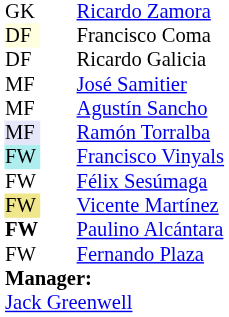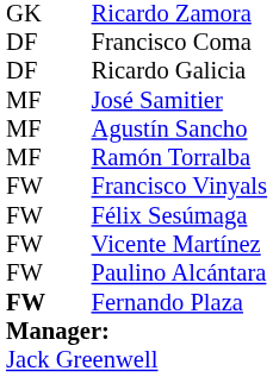 <table style="font-size:90%; margin:0.2em auto;" cellspacing="0" cellpadding="0">
 <tr>
 <th width="25"></th>
 <th width="25"></th>
 </tr>
 <tr>
 <td>GK</td>
 <td></td>
 <td> <a href='#'>Ricardo Zamora</a></td>
 </tr>
 <tr>
-<td style="background: lightyellow;">DF</td>
+<td>DF</td>
 <td></td>
 <td> Francisco Coma</td>
 </tr>
 <tr>
 <td>DF</td>
 <td></td>
 <td> Ricardo Galicia</td>
 </tr>
 <tr>
 <td>MF</td>
 <td></td>
 <td> <a href='#'>José Samitier</a></td>
 </tr>
 <tr>
 <td>MF</td>
 <td></td>
 <td> <a href='#'>Agustín Sancho</a></td>
 </tr>
 <tr>
-<td style="background: lavender;">MF</td>
+<td>MF</td>
 <td></td>
 <td> <a href='#'>Ramón Torralba</a></td>
 </tr>
 <tr>
-<td style="background: paleturquoise;">FW</td>
+<td>FW</td>
 <td></td>
 <td> <a href='#'>Francisco Vinyals</a></td>
 </tr>
 <tr>
 <td>FW</td>
 <td></td>
 <td> <a href='#'>Félix Sesúmaga</a></td>
 </tr>
 <tr>
-<td style="background: khaki;">FW</td>
+<td>FW</td>
 <td></td>
 <td> <a href='#'>Vicente Martínez</a></td>
 </tr>
 <tr>
-<td><strong>FW</strong></td>
+<td>FW</td>
 <td></td>
 <td> <a href='#'>Paulino Alcántara</a></td>
 </tr>
 <tr>
-<td>FW</td>
+<td><strong>FW</strong></td>
 <td></td>
 <td> <a href='#'>Fernando Plaza</a></td>
 </tr>
 <tr>
 <td colspan=3><strong>Manager:</strong></td>
 </tr>
 <tr>
 <td colspan=4> <a href='#'>Jack Greenwell</a></td>
 </tr>
 </table>
